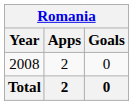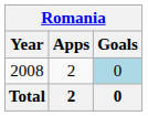 <table class="wikitable" style="text-align:center">
 <tr>
 <th colspan=3><a href='#'>Romania</a></th>
 </tr>
 <tr>
 <th>Year</th>
 <th>Apps</th>
 <th>Goals</th>
 </tr>
 <tr>
 <td>2008</td>
 <td>2</td>
-<td>0</td>
+<td style="background: lightblue;">0</td>
 </tr>
 <tr>
 <th>Total</th>
 <th>2</th>
 <th>0</th>
 </tr>
 </table>
